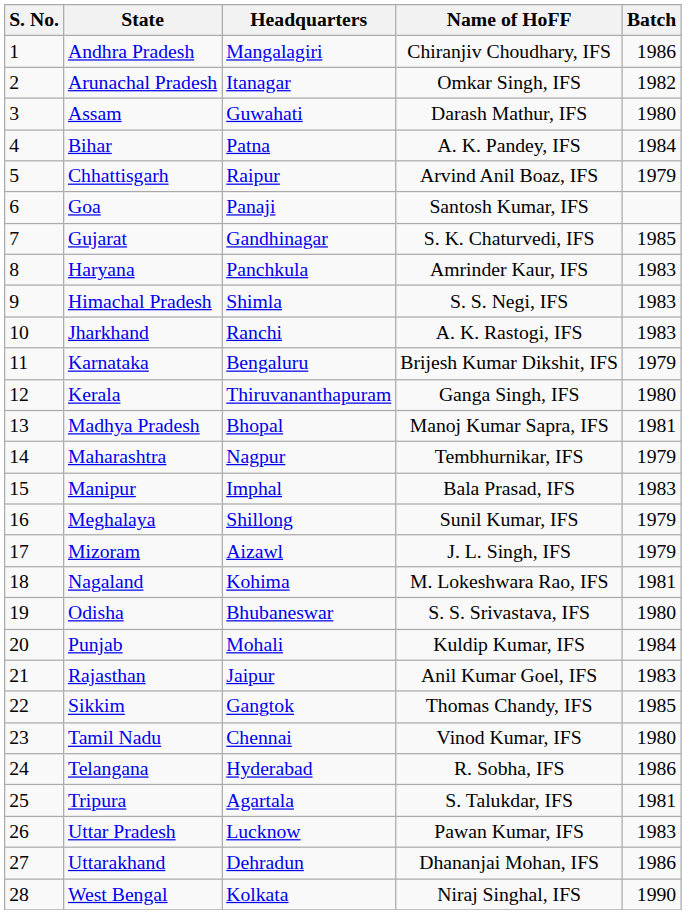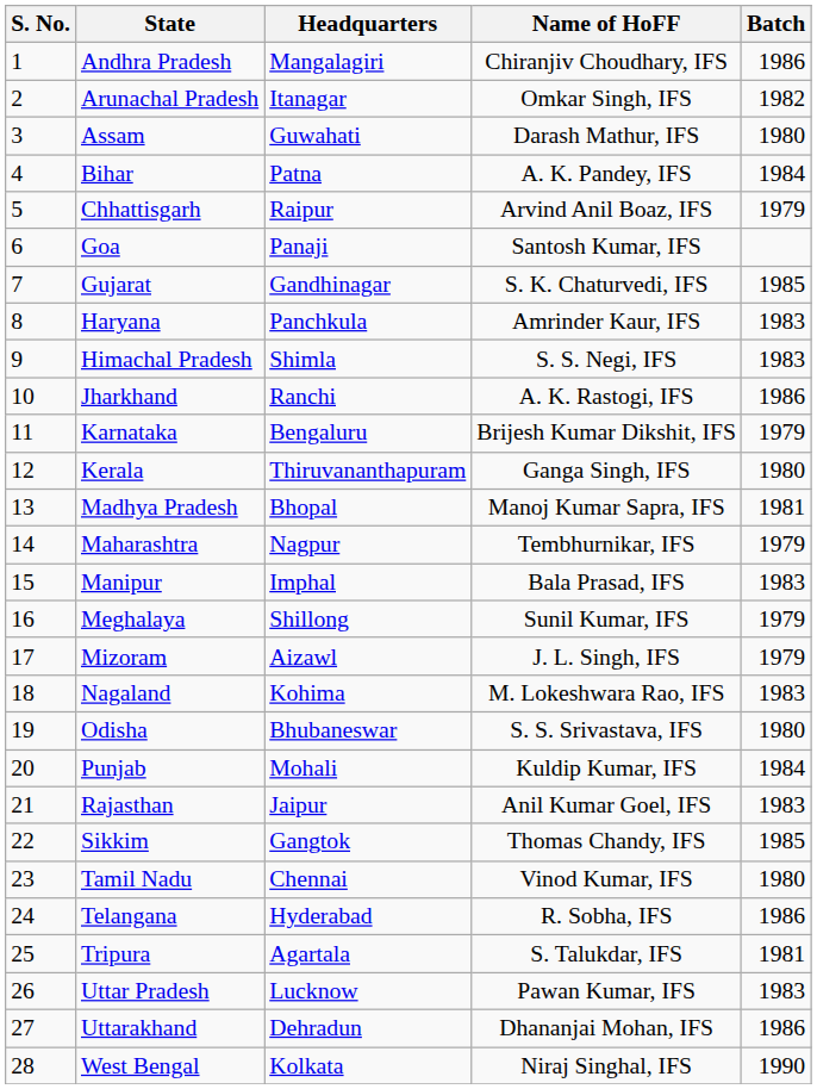 <table class="wikitable sortable">
 <tr>
 <th style="padding-center:15px;">S. No.</th>
 <th style="padding-center:15px;">State</th>
 <th style="padding-center:15px;">Headquarters</th>
 <th style="padding-center:15px;">Name of HoFF</th>
 <th style="padding-center:15px;">Batch</th>
 </tr>
 <tr>
 <td>1</td>
 <td><a href='#'>Andhra Pradesh</a></td>
 <td><a href='#'>Mangalagiri</a></td>
 <td align=center>Chiranjiv Choudhary, IFS </td>
 <td align=right>1986</td>
 </tr>
 <tr>
 <td>2</td>
 <td><a href='#'>Arunachal Pradesh</a></td>
 <td><a href='#'>Itanagar</a></td>
 <td align=center>Omkar Singh, IFS </td>
 <td align=right>1982</td>
 </tr>
 <tr>
 <td>3</td>
 <td><a href='#'>Assam</a></td>
 <td><a href='#'>Guwahati</a></td>
 <td align=center>Darash Mathur, IFS </td>
 <td align=right>1980</td>
 </tr>
 <tr>
 <td>4</td>
 <td><a href='#'>Bihar</a></td>
 <td><a href='#'>Patna</a></td>
 <td align=center>A. K. Pandey, IFS</td>
 <td align=right>1984</td>
 </tr>
 <tr>
 <td>5</td>
 <td><a href='#'>Chhattisgarh</a></td>
 <td><a href='#'>Raipur</a></td>
 <td align=center>Arvind Anil Boaz, IFS </td>
 <td align=right>1979</td>
 </tr>
 <tr>
 <td>6</td>
 <td><a href='#'>Goa</a></td>
 <td><a href='#'>Panaji</a></td>
 <td align=center>Santosh Kumar, IFS</td>
 <td align=right></td>
 </tr>
 <tr>
 <td>7</td>
 <td><a href='#'>Gujarat</a></td>
 <td><a href='#'>Gandhinagar</a></td>
 <td align=center>S. K. Chaturvedi, IFS</td>
 <td align=right>1985</td>
 </tr>
 <tr>
 <td>8</td>
 <td><a href='#'>Haryana</a></td>
 <td><a href='#'>Panchkula</a></td>
 <td style="text-align:center;">Amrinder Kaur, IFS </td>
 <td align=right>1983</td>
 </tr>
 <tr>
 <td>9</td>
 <td><a href='#'>Himachal Pradesh</a></td>
 <td><a href='#'>Shimla</a></td>
 <td align=center>S. S. Negi, IFS</td>
 <td align=right>1983</td>
 </tr>
 <tr>
 <td>10</td>
 <td><a href='#'>Jharkhand</a></td>
 <td><a href='#'>Ranchi</a></td>
 <td align=center>A. K. Rastogi, IFS </td>
-<td align=right>1983</td>
+<td align=right>1986</td>
 </tr>
 <tr>
 <td>11</td>
 <td><a href='#'>Karnataka</a></td>
 <td><a href='#'>Bengaluru</a></td>
 <td align=center>Brijesh Kumar Dikshit, IFS </td>
 <td align=right>1979</td>
 </tr>
 <tr>
 <td>12</td>
 <td><a href='#'>Kerala</a></td>
 <td><a href='#'>Thiruvananthapuram</a></td>
 <td align=center>Ganga Singh, IFS</td>
 <td align=right>1980</td>
 </tr>
 <tr>
 <td>13</td>
 <td><a href='#'>Madhya Pradesh</a></td>
 <td><a href='#'>Bhopal</a></td>
 <td align=center>Manoj Kumar Sapra, IFS</td>
 <td align=right>1981</td>
 </tr>
 <tr>
 <td>14</td>
 <td><a href='#'>Maharashtra</a></td>
 <td><a href='#'>Nagpur</a></td>
 <td align=center>Tembhurnikar, IFS</td>
 <td align=right>1979</td>
 </tr>
 <tr>
 <td>15</td>
 <td><a href='#'>Manipur</a></td>
 <td><a href='#'>Imphal</a></td>
 <td align=center>Bala Prasad, IFS </td>
 <td align=right>1983</td>
 </tr>
 <tr>
 <td>16</td>
 <td><a href='#'>Meghalaya</a></td>
 <td><a href='#'>Shillong</a></td>
 <td align=center>Sunil Kumar, IFS </td>
 <td align=right>1979</td>
 </tr>
 <tr>
 <td>17</td>
 <td><a href='#'>Mizoram</a></td>
 <td><a href='#'>Aizawl</a></td>
 <td align=center>J. L. Singh, IFS </td>
 <td align=right>1979</td>
 </tr>
 <tr>
 <td>18</td>
 <td><a href='#'>Nagaland</a></td>
 <td><a href='#'>Kohima</a></td>
 <td align=center>M. Lokeshwara Rao, IFS</td>
-<td align=right>1981</td>
+<td align=right>1983</td>
 </tr>
 <tr>
 <td>19</td>
 <td><a href='#'>Odisha</a></td>
 <td><a href='#'>Bhubaneswar</a></td>
 <td align=center>S. S. Srivastava, IFS </td>
 <td align=right>1980</td>
 </tr>
 <tr>
 <td>20</td>
 <td><a href='#'>Punjab</a></td>
 <td><a href='#'>Mohali</a></td>
 <td align=center>Kuldip Kumar, IFS</td>
 <td align=right>1984</td>
 </tr>
 <tr>
 <td>21</td>
 <td><a href='#'>Rajasthan</a></td>
 <td><a href='#'>Jaipur</a></td>
 <td align=center>Anil Kumar Goel, IFS </td>
 <td align=right>1983</td>
 </tr>
 <tr>
 <td>22</td>
 <td><a href='#'>Sikkim</a></td>
 <td><a href='#'>Gangtok</a></td>
 <td align=center>Thomas Chandy, IFS </td>
 <td align=right>1985</td>
 </tr>
 <tr>
 <td>23</td>
 <td><a href='#'>Tamil Nadu</a></td>
 <td><a href='#'>Chennai</a></td>
 <td align=center>Vinod Kumar, IFS </td>
 <td align=right>1980</td>
 </tr>
 <tr>
 <td>24</td>
 <td><a href='#'>Telangana</a></td>
 <td><a href='#'>Hyderabad</a></td>
 <td align=center>R. Sobha, IFS </td>
 <td align=right>1986</td>
 </tr>
 <tr>
 <td>25</td>
 <td><a href='#'>Tripura</a></td>
 <td><a href='#'>Agartala</a></td>
 <td align=center>S. Talukdar, IFS</td>
 <td align=right>1981</td>
 </tr>
 <tr>
 <td>26</td>
 <td><a href='#'>Uttar Pradesh</a></td>
 <td><a href='#'>Lucknow</a></td>
 <td align=center>Pawan Kumar, IFS</td>
 <td align=right>1983</td>
 </tr>
 <tr>
 <td>27</td>
 <td><a href='#'>Uttarakhand</a></td>
 <td><a href='#'>Dehradun</a></td>
 <td align=center>Dhananjai Mohan, IFS </td>
 <td align=right>1986</td>
 </tr>
 <tr>
 <td>28</td>
 <td><a href='#'>West Bengal</a></td>
 <td><a href='#'>Kolkata</a></td>
 <td align=center>Niraj Singhal, IFS</td>
 <td align=right>1990</td>
 </tr>
 </table>
